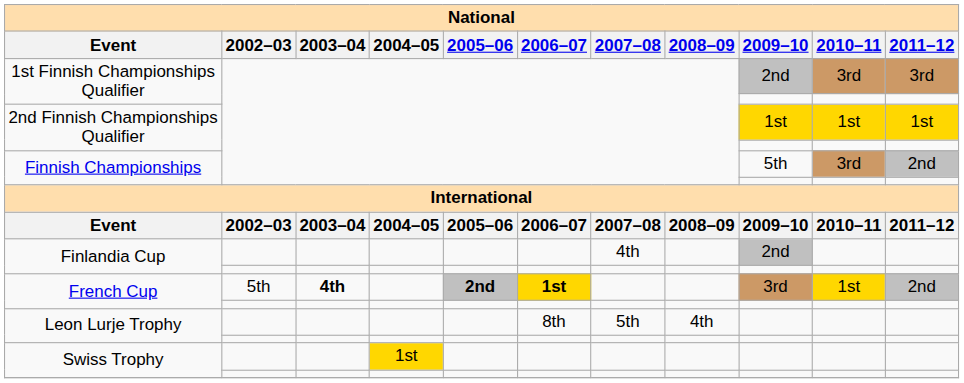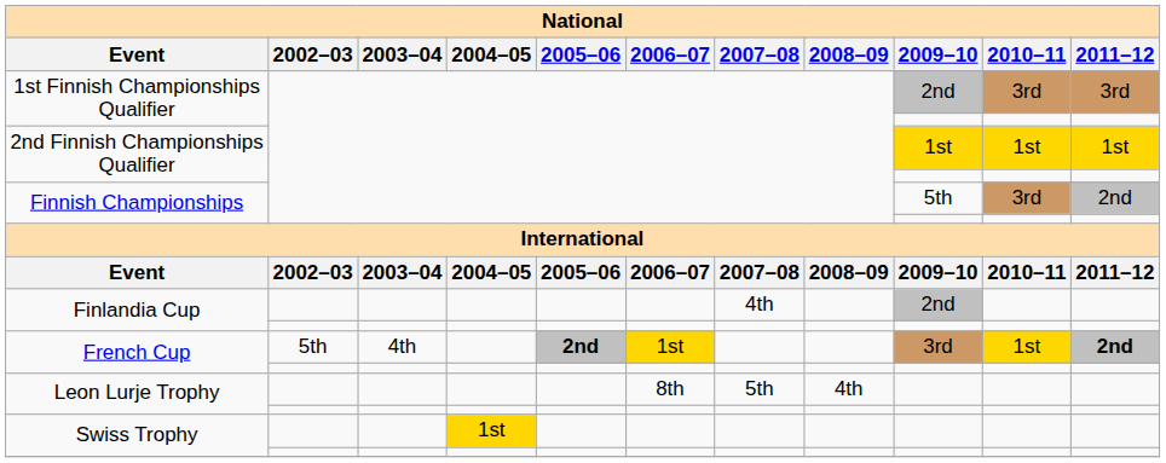 <table class="wikitable">
 <tr>
 <th style="background-color: #ffdead; " colspan="11" align="center"><strong>National</strong></th>
 </tr>
 <tr>
 <th>Event</th>
 <th>2002–03</th>
 <th>2003–04</th>
 <th>2004–05</th>
 <th><a href='#'>2005–06</a></th>
 <th><a href='#'>2006–07</a></th>
 <th><a href='#'>2007–08</a></th>
 <th><a href='#'>2008–09</a></th>
 <th><a href='#'>2009–10</a></th>
 <th><a href='#'>2010–11</a></th>
 <th><a href='#'>2011–12</a></th>
 </tr>
 <tr>
 <td align="center" rowspan="2">1st Finnish Championships<br>Qualifier</td>
 <td 2002-03 align="center" rowspan="6" colspan="7"></td>
 <td 2009-10 align="center" bgcolor="silver">2nd<br></td>
 <td 2010-11 align="center" bgcolor="cc9966">3rd<br></td>
 <td 2011-12 align="center" bgcolor="cc9966">3rd<br></td>
 </tr>
 <tr>
 <td 2009-10 align="center"></td>
 <td 2010-11 align="center"></td>
 <td 2011-12 align="center"></td>
 </tr>
 <tr>
 <td align="center" rowspan="2">2nd Finnish Championships<br>Qualifier</td>
 <td 2009-10 align="center" bgcolor="gold">1st<br></td>
 <td 2010-11 align="center" bgcolor="gold">1st<br></td>
 <td 2011-12 align="center" bgcolor="gold">1st<br></td>
 </tr>
 <tr>
 <td 2009-10 align="center"></td>
 <td 2010-11 align="center"></td>
 <td 2011-12 align="center"></td>
 </tr>
 <tr>
 <td align="center" rowspan="2"><a href='#'>Finnish Championships</a></td>
 <td 2009-10 align="center">5th</td>
 <td 2010-11 align="center" bgcolor="cc9966">3rd</td>
 <td 2011-12 align="center" bgcolor="silver">2nd</td>
 </tr>
 <tr>
 <td 2009-10 align="center"></td>
 <td 2010-11 align="center"></td>
 <td 2011-12 align="center"></td>
 </tr>
 <tr>
 <th style="background-color: #ffdead; " colspan="11" align=center><strong>International</strong></th>
 </tr>
 <tr>
 <th>Event</th>
 <th>2002–03</th>
 <th>2003–04</th>
 <th>2004–05</th>
 <th>2005–06</th>
 <th>2006–07</th>
 <th>2007–08</th>
 <th>2008–09</th>
 <th>2009–10</th>
 <th>2010–11</th>
 <th>2011–12</th>
 </tr>
 <tr>
 <td align="center" rowspan="2">Finlandia Cup</td>
 <td 2002-03 align="center"></td>
 <td 2003-04 align="center"></td>
 <td 2004-05 align="center"></td>
 <td 2005-06 align="center"></td>
 <td 2006-07 align="center"></td>
 <td 2007-08 align="center">4th</td>
 <td 2008-09 align="center"></td>
 <td 2009-10 align="center" bgcolor="silver">2nd</td>
 <td 2010-11 align="center"></td>
 <td 2011-12 align="center"></td>
 </tr>
 <tr>
 <td 2002-03 align="center"></td>
 <td 2003-04 align="center"></td>
 <td 2004-05 align="center"></td>
 <td 2005-06 align="center"></td>
 <td 2006-07 align="center"></td>
 <td 2007-08 align="center"></td>
 <td 2008-09 align="center"></td>
 <td 2009-10 align="center"></td>
 <td 2010-11 align="center"></td>
 <td 2011-12 align="center"></td>
 </tr>
 <tr>
 <td align="center" rowspan="2"><a href='#'>French Cup</a></td>
 <td 2002-03 align="center">5th</td>
-<td 2003-04 align="center"><strong>4th</strong></td>
+<td 2003-04 align="center">4th</td>
 <td 2004-05 align="center"></td>
 <td 2005-06 align="center" bgcolor="silver"><strong>2nd</strong></td>
-<td 2006-07 align="center" bgcolor="gold"><strong>1st</strong></td>
+<td 2006-07 align="center" bgcolor="gold">1st</td>
 <td 2007-08 align="center"></td>
 <td 2008-09 align="center"></td>
 <td 2009-10 align="center" bgcolor="cc9966">3rd</td>
 <td 2010-11 align="center" bgcolor="gold">1st</td>
-<td 2011-12 align="center" bgcolor="silver">2nd</td>
+<td 2011-12 align="center" bgcolor="silver"><strong>2nd</strong></td>
 </tr>
 <tr>
 <td 2002-03 align="center"></td>
 <td 2003-04 align="center"></td>
 <td 2004-05 align="center"></td>
 <td 2005-06 align="center"></td>
 <td 2006-07 align="center"></td>
 <td 2007-08 align="center"></td>
 <td 2008-09 align="center"></td>
 <td 2009-10 align="center"></td>
 <td 2010-11 align="center"></td>
 <td 2011-12 align="center"></td>
 </tr>
 <tr>
 <td align="center" rowspan="2">Leon Lurje Trophy</td>
 <td 2002-03 align="center"></td>
 <td 2003-04 align="center"></td>
 <td 2004-05 align="center"></td>
 <td 2005-06 align="center"></td>
 <td 2006-07 align="center">8th</td>
 <td 2007-08 align="center">5th</td>
 <td 2008-09 align="center">4th</td>
 <td 2009-10 align="center"></td>
 <td 2010-11 align="center"></td>
 <td 2011-12 align="center"></td>
 </tr>
 <tr>
 <td 2002-03 align="center"></td>
 <td 2003-04 align="center"></td>
 <td 2004-05 align="center"></td>
 <td 2005-06 align="center"></td>
 <td 2006-07 align="center"></td>
 <td 2007-08 align="center"></td>
 <td 2008-09 align="center"></td>
 <td 2009-10 align="center"></td>
 <td 2010-11 align="center"></td>
 <td 2011-12 align="center"></td>
 </tr>
 <tr>
 <td align="center" rowspan="2">Swiss Trophy</td>
 <td 2002-03 align="center"></td>
 <td 2003-04 align="center"></td>
 <td 2004-05 align="center" bgcolor="gold">1st</td>
 <td 2005-06 align="center"></td>
 <td 2006-07 align="center"></td>
 <td 2007-08 align="center"></td>
 <td 2008-09 align="center"></td>
 <td 2009-10 align="center"></td>
 <td 2010-11 align="center"></td>
 <td 2011-12 align="center"></td>
 </tr>
 <tr>
 <td 2002-03 align="center"></td>
 <td 2003-04 align="center"></td>
 <td 2004-05 align="center"></td>
 <td 2005-06 align="center"></td>
 <td 2006-07 align="center"></td>
 <td 2007-08 align="center"></td>
 <td 2008-09 align="center"></td>
 <td 2009-10 align="center"></td>
 <td 2010-11 align="center"></td>
 <td 2011-12 align="center"></td>
 </tr>
 <tr>
 </tr>
 </table>
